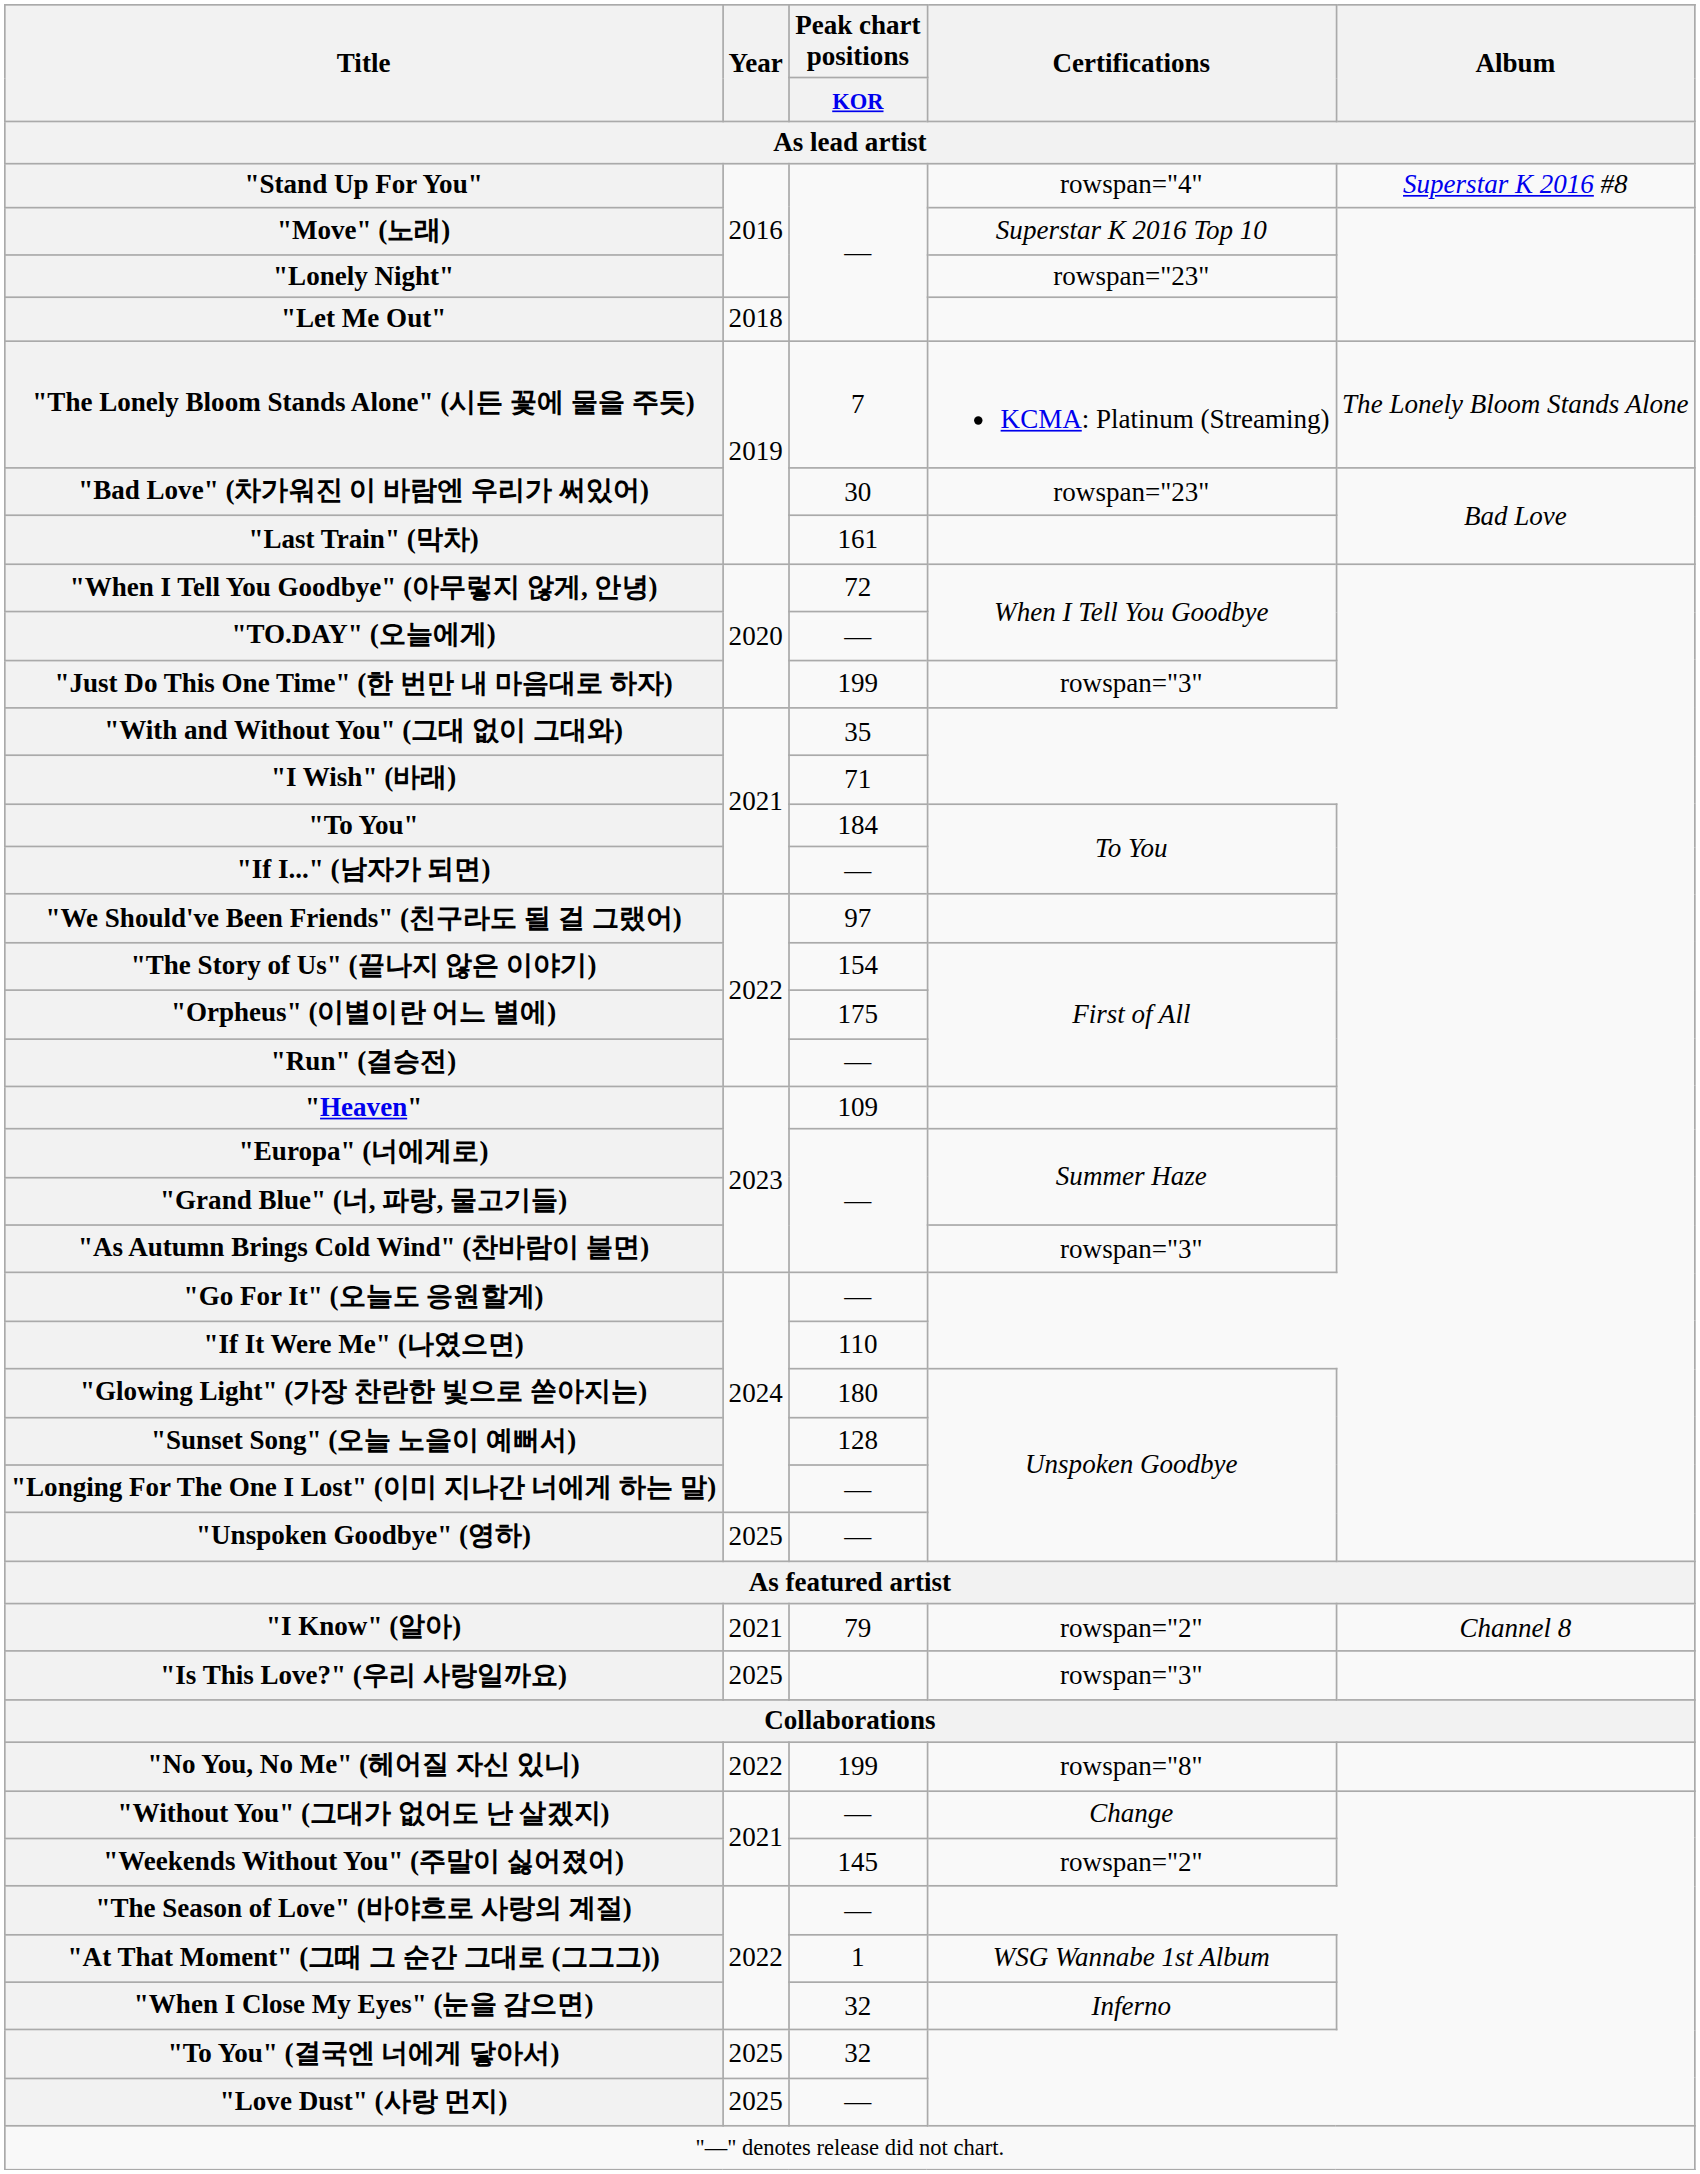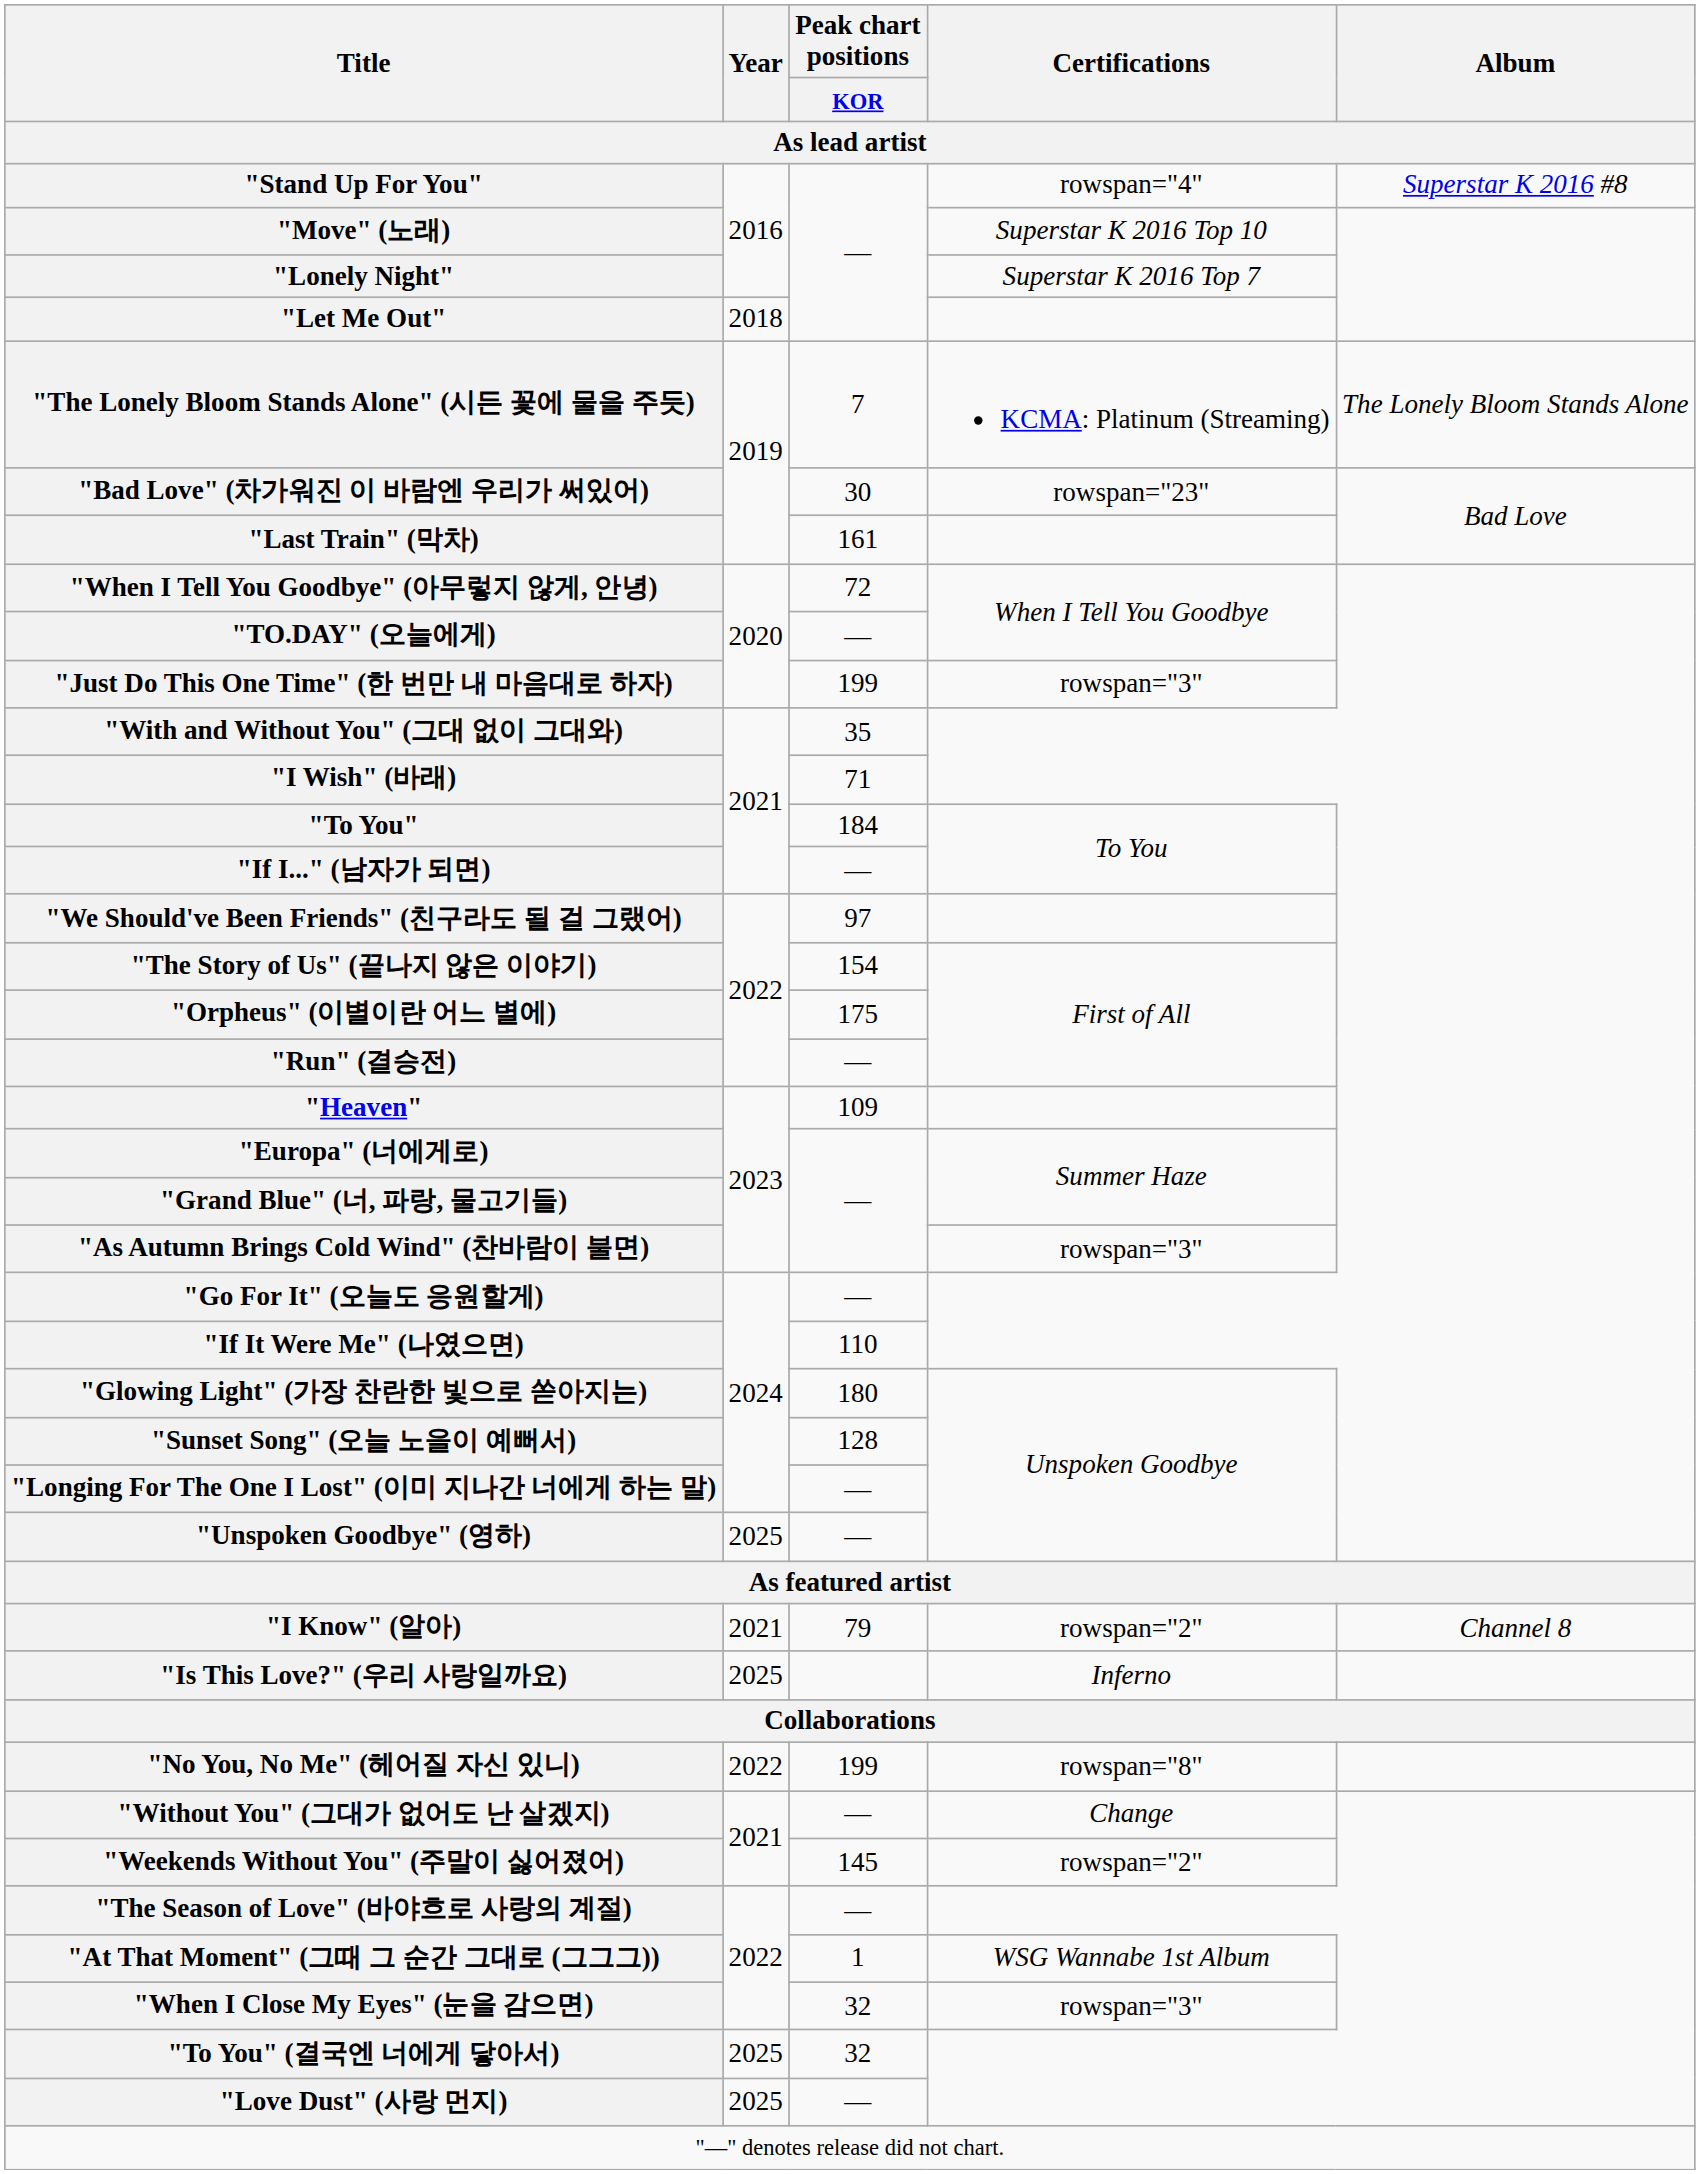 <table class="wikitable plainrowheaders" style="text-align:center;">
 <tr>
 <th scope="col" rowspan="2">Title</th>
 <th scope="col" rowspan="2">Year</th>
 <th scope="col" colspan="1">Peak chart<br>positions</th>
 <th scope="col" rowspan="2">Certifications</th>
 <th scope="col" rowspan="2">Album</th>
 </tr>
 <tr>
 <th><small><a href='#'>KOR</a></small><br></th>
 </tr>
 <tr>
 <th colspan="5">As lead artist</th>
 </tr>
 <tr>
 <th scope="row">"Stand Up For You"</th>
 <td rowspan="3">2016</td>
 <td rowspan="4">—</td>
 <td>rowspan="4" </td>
 <td><em><a href='#'>Superstar K 2016</a> #8</em></td>
 </tr>
 <tr>
 <th scope="row">"Move" (노래)</th>
 <td><em>Superstar K 2016 Top 10</em></td>
 </tr>
 <tr>
 <th scope="row">"Lonely Night"</th>
-<td>rowspan="23" </td>
+<td><em>Superstar K 2016 Top 7</em></td>
 </tr>
 <tr>
 <th scope="row">"Let Me Out"</th>
 <td>2018</td>
 <td></td>
 </tr>
 <tr>
 <th scope="row">"The Lonely Bloom Stands Alone" (시든 꽃에 물을 주듯)</th>
 <td rowspan="3">2019</td>
 <td>7</td>
 <td><br><ul><li><a href='#'>KCMA</a>: Platinum (Streaming)</li></ul></td>
 <td><em>The Lonely Bloom Stands Alone</em></td>
 </tr>
 <tr>
 <th scope="row">"Bad Love" (차가워진 이 바람엔 우리가 써있어)</th>
 <td>30</td>
 <td>rowspan="23" </td>
 <td rowspan="2"><em>Bad Love</em></td>
 </tr>
 <tr>
 <th scope="row">"Last Train" (막차)</th>
 <td>161</td>
 </tr>
 <tr>
 <th scope="row">"When I Tell You Goodbye" (아무렇지 않게, 안녕)</th>
 <td rowspan="3">2020</td>
 <td>72</td>
 <td rowspan="2"><em>When I Tell You Goodbye</em></td>
 </tr>
 <tr>
 <th scope="row">"TO.DAY" (오늘에게)</th>
 <td>—</td>
 </tr>
 <tr>
 <th scope="row">"Just Do This One Time" (한 번만 내 마음대로 하자)</th>
 <td>199</td>
 <td>rowspan="3" </td>
 </tr>
 <tr>
 <th scope="row">"With and Without You" (그대 없이 그대와)</th>
 <td rowspan="4">2021</td>
 <td>35</td>
 </tr>
 <tr>
 <th scope="row">"I Wish" (바래)</th>
 <td>71</td>
 </tr>
 <tr>
 <th scope="row">"To You"</th>
 <td>184</td>
 <td rowspan="2"><em>To You</em></td>
 </tr>
 <tr>
 <th scope="row">"If I..." (남자가 되면)</th>
 <td>—</td>
 </tr>
 <tr>
 <th scope="row">"We Should've Been Friends" (친구라도 될 걸 그랬어)</th>
 <td rowspan="4">2022</td>
 <td>97</td>
 <td></td>
 </tr>
 <tr>
 <th scope="row">"The Story of Us" (끝나지 않은 이야기)</th>
 <td>154</td>
 <td rowspan="3"><em>First of All</em></td>
 </tr>
 <tr>
 <th scope="row">"Orpheus" (이별이란 어느 별에)<br></th>
 <td>175</td>
 </tr>
 <tr>
 <th scope="row">"Run" (결승전)</th>
 <td>—</td>
 </tr>
 <tr>
 <th scope="row">"<a href='#'>Heaven</a>"</th>
 <td rowspan="4">2023</td>
 <td>109</td>
 <td></td>
 </tr>
 <tr>
 <th scope="row">"Europa" (너에게로)</th>
 <td rowspan="3">—</td>
 <td rowspan="2"><em>Summer Haze</em></td>
 </tr>
 <tr>
 <th scope="row">"Grand Blue" (너, 파랑, 물고기들)</th>
 </tr>
 <tr>
 <th scope="row">"As Autumn Brings Cold Wind" (찬바람이 불면)</th>
 <td>rowspan="3" </td>
 </tr>
 <tr>
 <th scope="row">"Go For It" (오늘도 응원할게)</th>
 <td rowspan="5">2024</td>
 <td>—</td>
 </tr>
 <tr>
 <th scope="row">"If It Were Me" (나였으면)</th>
 <td>110</td>
 </tr>
 <tr>
 <th scope="row">"Glowing Light" (가장 찬란한 빛으로 쏟아지는)</th>
 <td>180</td>
 <td rowspan="4"><em>Unspoken Goodbye</em></td>
 </tr>
 <tr>
 <th scope="row">"Sunset Song" (오늘 노을이 예뻐서)</th>
 <td>128</td>
 </tr>
 <tr>
 <th scope="row">"Longing For The One I Lost" (이미 지나간 너에게 하는 말)</th>
 <td>—</td>
 </tr>
 <tr>
 <th scope="row">"Unspoken Goodbye" (영하)</th>
 <td>2025</td>
 <td>—</td>
 </tr>
 <tr>
 <th colspan="5">As featured artist</th>
 </tr>
 <tr>
 <th scope="row">"I Know" (알아)<br></th>
 <td>2021</td>
 <td>79</td>
 <td>rowspan="2" </td>
 <td><em>Channel 8</em></td>
 </tr>
 <tr>
 <th scope="row">"Is This Love?" (우리 사랑일까요)<br></th>
 <td>2025</td>
 <td></td>
-<td>rowspan="3" </td>
+<td><em>Inferno</em></td>
 </tr>
 <tr>
 <th colspan="5">Collaborations</th>
 </tr>
 <tr>
 <th scope="row">"No You, No Me" (헤어질 자신 있니)<br></th>
 <td>2022</td>
 <td>199</td>
 <td>rowspan="8" </td>
 <td></td>
 </tr>
 <tr>
 <th scope="row">"Without You" (그대가 없어도 난 살겠지)<br></th>
 <td rowspan="2">2021</td>
 <td>—</td>
 <td><em>Change</em></td>
 </tr>
 <tr>
 <th scope="row">"Weekends Without You" (주말이 싫어졌어)<br></th>
 <td>145</td>
 <td>rowspan="2" </td>
 </tr>
 <tr>
 <th scope="row">"The Season of Love" (바야흐로 사랑의 계절)<br></th>
 <td rowspan="3">2022</td>
 <td>—</td>
 </tr>
 <tr>
 <th scope="row">"At That Moment" (그때 그 순간 그대로 (그그그))<br></th>
 <td>1</td>
 <td><em>WSG Wannabe 1st Album</em></td>
 </tr>
 <tr>
 <th scope="row">"When I Close My Eyes" (눈을 감으면)<br></th>
 <td>32</td>
-<td><em>Inferno</em></td>
+<td>rowspan="3" </td>
 </tr>
 <tr>
 <th scope="row">"To You" (결국엔 너에게 닿아서)<br></th>
 <td>2025</td>
 <td>32</td>
 </tr>
 <tr>
 <th scope="row">"Love Dust" (사랑 먼지)<br></th>
 <td>2025</td>
 <td>—</td>
 </tr>
 <tr>
 <td colspan="5"><small>"—" denotes release did not chart.</small></td>
 </tr>
 </table>
